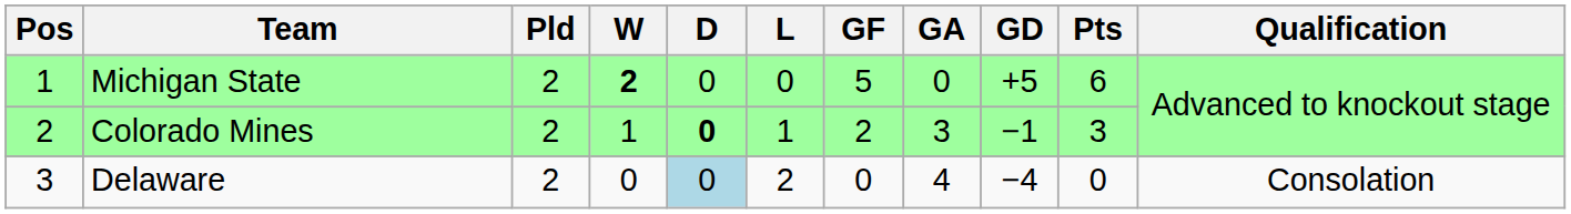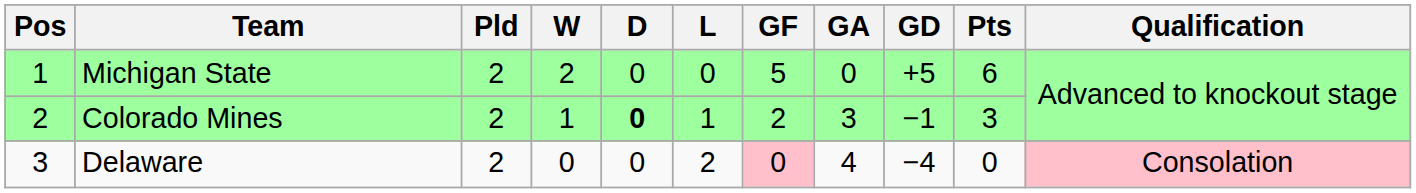 <table class="wikitable" style="text-align:center; margin: 1em auto">
 <tr>
 <th style="width:2em">Pos</th>
 <th style="width:13em">Team</th>
 <th style="width:2em">Pld</th>
 <th style="width:2em">W</th>
 <th style="width:2em">D</th>
 <th style="width:2em">L</th>
 <th style="width:2em">GF</th>
 <th style="width:2em">GA</th>
 <th style="width:2em">GD</th>
 <th style="width:2em">Pts</th>
 <th style="width:13em">Qualification</th>
 </tr>
 <tr bgcolor="#9eff9e">
 <td>1</td>
 <td style="text-align:left">Michigan State</td>
 <td>2</td>
-<td><strong>2</strong></td>
+<td>2</td>
 <td>0</td>
 <td>0</td>
 <td>5</td>
 <td>0</td>
 <td>+5</td>
 <td>6</td>
 <td rowspan="2">Advanced to knockout stage</td>
 </tr>
 <tr bgcolor="#9eff9e">
 <td>2</td>
 <td style="text-align:left">Colorado Mines</td>
 <td>2</td>
 <td>1</td>
 <td><strong>0</strong></td>
 <td>1</td>
 <td>2</td>
 <td>3</td>
 <td>−1</td>
 <td>3</td>
 </tr>
 <tr>
 <td>3</td>
 <td style="text-align:left">Delaware</td>
 <td>2</td>
 <td>0</td>
-<td style="background: lightblue;">0</td>
+<td>0</td>
 <td>2</td>
-<td>0</td>
+<td style="background: pink;">0</td>
 <td>4</td>
 <td>−4</td>
 <td>0</td>
-<td>Consolation</td>
+<td style="background: pink;">Consolation</td>
 </tr>
 </table>
